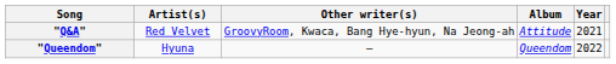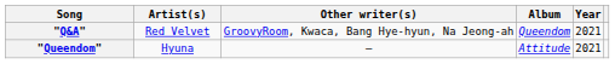 <table class="wikitable sortable plainrowheaders" style="text-align:center;">
 <tr>
 <th scope="col" width="150">Song</th>
 <th scope="col" width="100">Artist(s)</th>
 <th scope="col" class="unsortable">Other writer(s)</th>
 <th scope="col" data-sort-type="text">Album</th>
 <th scope="col">Year</th>
 <th scope="col" class="unsortable"></th>
 </tr>
 <tr>
 <th scope="row">"<a href='#'>Q&A</a>"</th>
 <td><a href='#'>Red Velvet</a></td>
 <td><a href='#'>GroovyRoom</a>, Kwaca, Bang Hye-hyun, Na Jeong-ah</td>
-<td><em><a href='#'>Attitude</a></em></td>
+<td><em><a href='#'>Queendom</a></em></td>
 <td>2021</td>
 <td style="text-align:center;"></td>
 </tr>
 <tr>
 <th scope="row">"<a href='#'>Queendom</a>"</th>
 <td><a href='#'>Hyuna</a></td>
 <td>—</td>
-<td><em><a href='#'>Queendom</a></em></td>
-<td>2022</td>
+<td><em><a href='#'>Attitude</a></em></td>
+<td>2021</td>
 <td style="text-align:center;"></td>
 </tr>
 </table>
